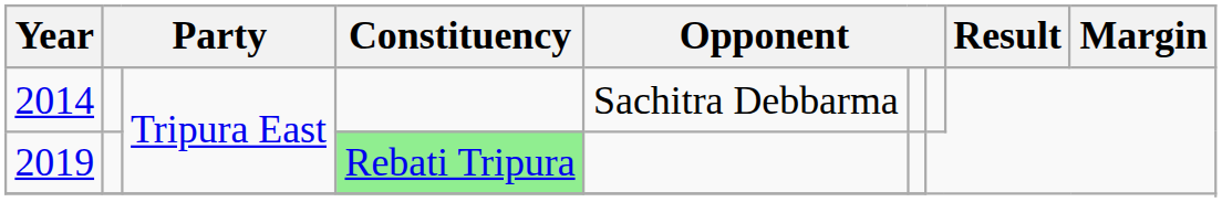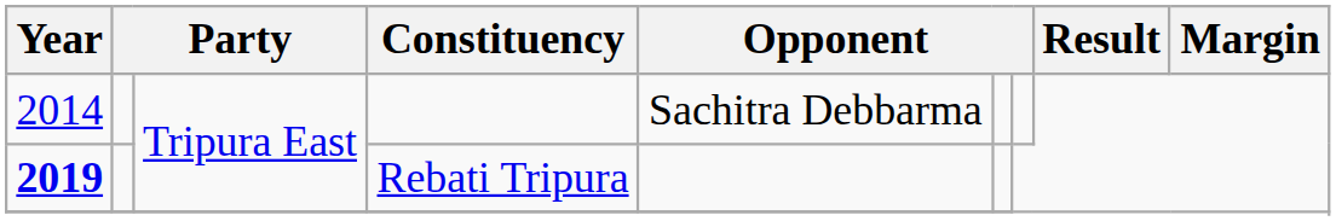 <table class="sortable wikitable">
 <tr>
 <th>Year</th>
 <th colspan = "2">Party</th>
 <th>Constituency</th>
 <th colspan = "3">Opponent</th>
 <th>Result</th>
 <th>Margin</th>
 </tr>
 <tr>
 <td><a href='#'>2014</a></td>
 <td></td>
 <td rowspan = "2"><a href='#'>Tripura East</a></td>
 <td></td>
 <td>Sachitra Debbarma</td>
 <td></td>
 <td></td>
 </tr>
 <tr>
-<td><a href='#'>2019</a></td>
+<td><strong><a href='#'>2019</a></strong></td>
 <td></td>
-<td style="background: lightgreen;"><a href='#'>Rebati Tripura</a></td>
+<td><a href='#'>Rebati Tripura</a></td>
 <td></td>
 <td></td>
 </tr>
 <tr>
 </tr>
 </table>
